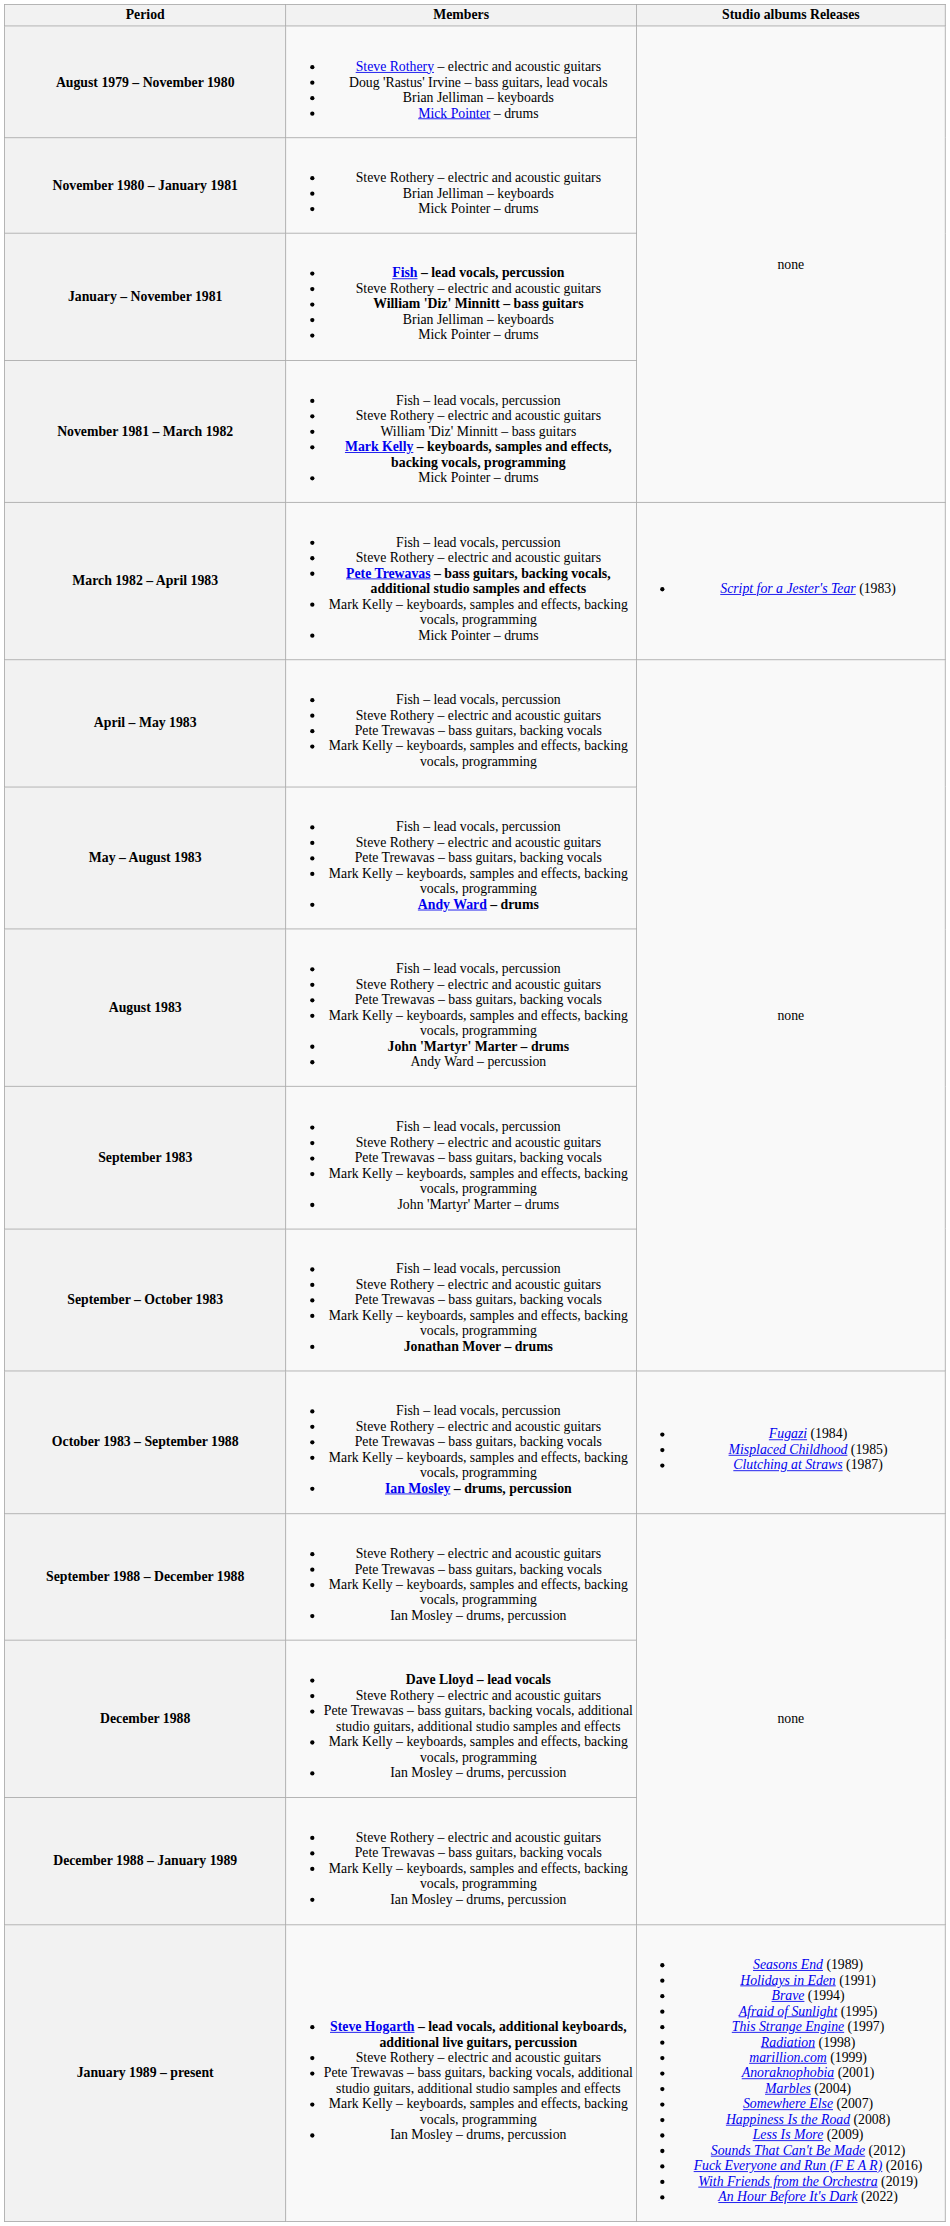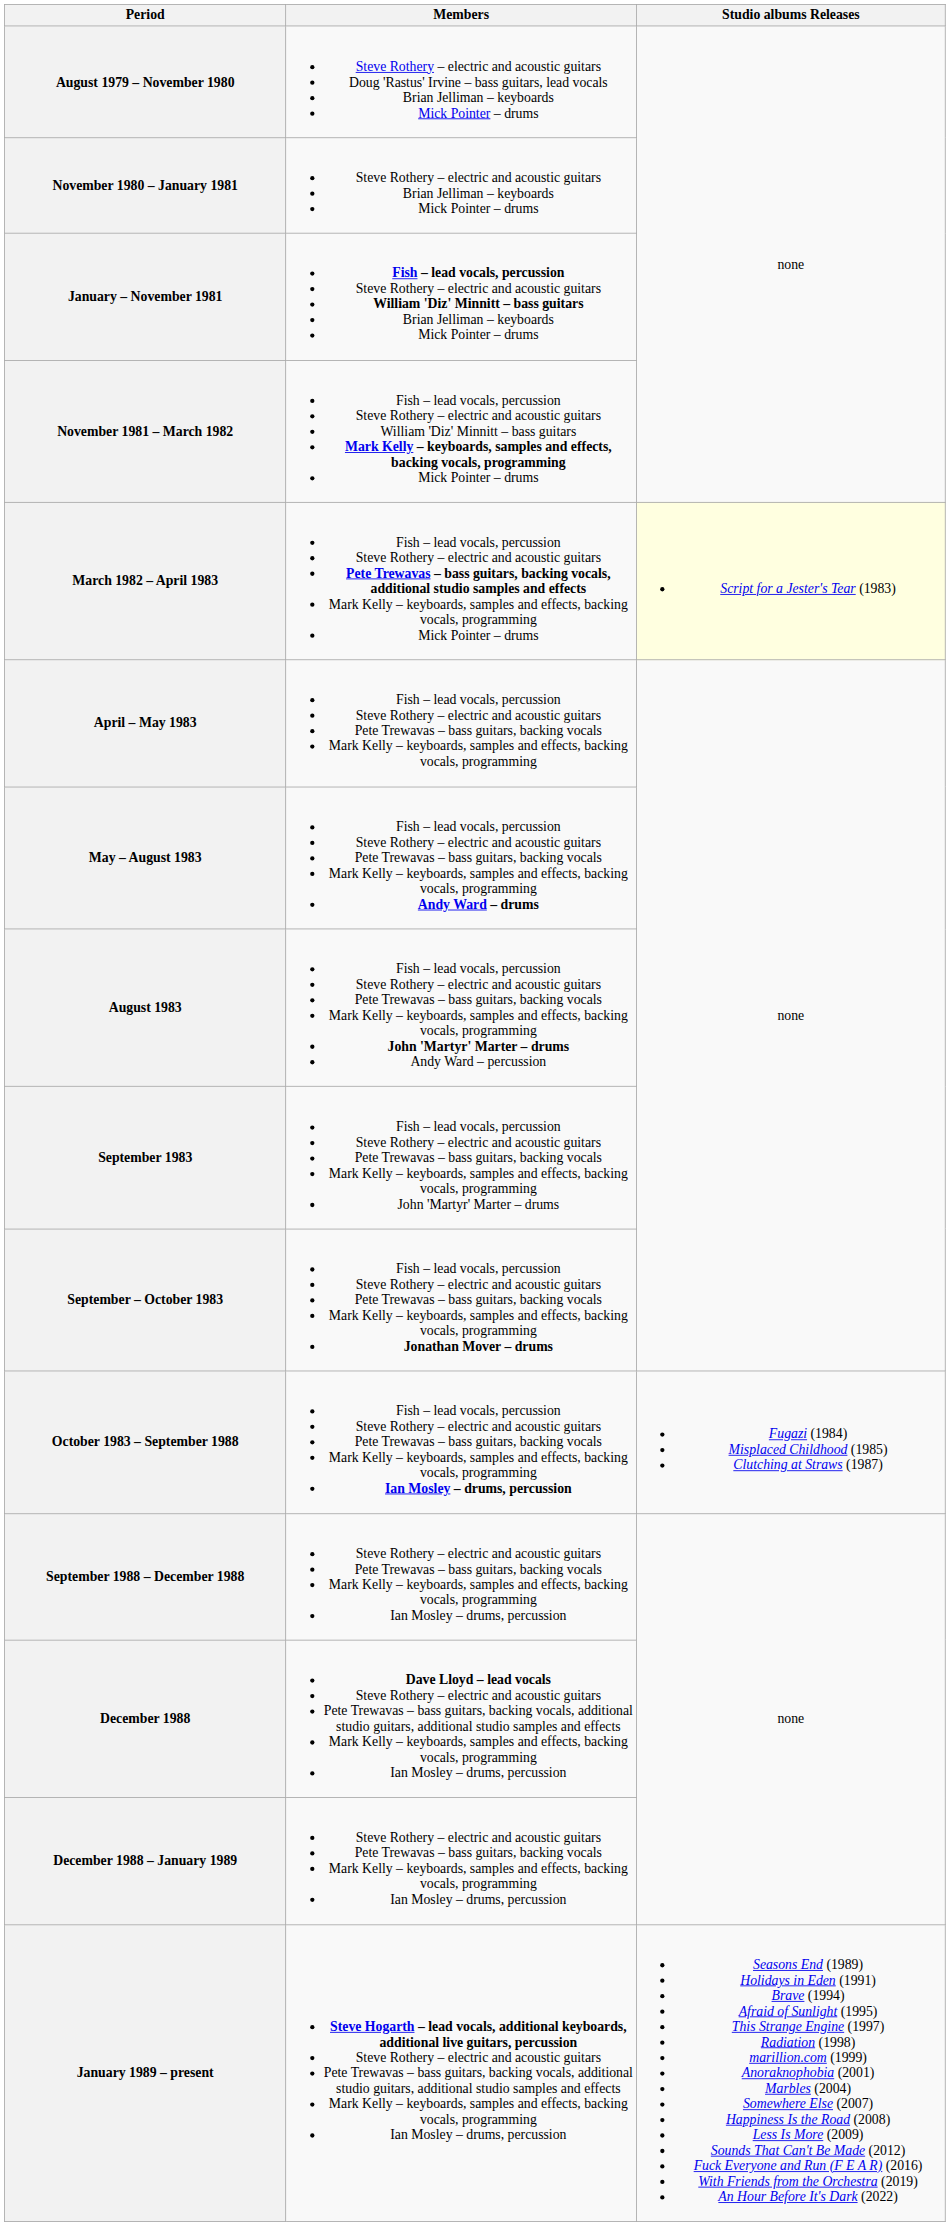 <table class="wikitable plainrowheaders" style="text-align:center;">
 <tr>
 <th scope="col" style="width:20em;">Period</th>
 <th scope="col" style="width:25em;">Members</th>
 <th scope="col" style="width:22em;">Studio albums Releases</th>
 </tr>
 <tr>
 <th>August 1979 – November 1980</th>
 <td><br><ul><li><a href='#'>Steve Rothery</a> – electric and acoustic guitars</li><li>Doug 'Rastus' Irvine – bass guitars, lead vocals</li><li>Brian Jelliman – keyboards</li><li><a href='#'>Mick Pointer</a> – drums</li></ul></td>
 <td rowspan="4">none</td>
 </tr>
 <tr>
 <th>November 1980 – January 1981</th>
 <td><br><ul><li>Steve Rothery – electric and acoustic guitars</li><li>Brian Jelliman – keyboards</li><li>Mick Pointer – drums</li></ul></td>
 </tr>
 <tr>
 <th>January – November 1981</th>
 <td><br><ul><li><strong><a href='#'>Fish</a> – lead vocals, percussion</strong></li><li>Steve Rothery – electric and acoustic guitars</li><li><strong>William 'Diz' Minnitt – bass guitars</strong></li><li>Brian Jelliman – keyboards</li><li>Mick Pointer – drums</li></ul></td>
 </tr>
 <tr>
 <th>November 1981 – March 1982</th>
 <td><br><ul><li>Fish – lead vocals, percussion</li><li>Steve Rothery – electric and acoustic guitars</li><li>William 'Diz' Minnitt – bass guitars</li><li><strong><a href='#'>Mark Kelly</a> – keyboards, samples and effects, backing vocals, programming</strong></li><li>Mick Pointer – drums</li></ul></td>
 </tr>
 <tr>
 <th>March 1982 – April 1983</th>
 <td><br><ul><li>Fish – lead vocals, percussion</li><li>Steve Rothery – electric and acoustic guitars</li><li><strong><a href='#'>Pete Trewavas</a> – bass guitars, backing vocals, additional studio samples and effects</strong></li><li>Mark Kelly – keyboards, samples and effects, backing vocals, programming</li><li>Mick Pointer – drums</li></ul></td>
-<td><br><ul><li><em><a href='#'>Script for a Jester's Tear</a></em> (1983)</li></ul></td>
+<td style="background: lightyellow;"><br><ul><li><em><a href='#'>Script for a Jester's Tear</a></em> (1983)</li></ul></td>
 </tr>
 <tr>
 <th>April – May 1983</th>
 <td><br><ul><li>Fish – lead vocals, percussion</li><li>Steve Rothery – electric and acoustic guitars</li><li>Pete Trewavas – bass guitars, backing vocals</li><li>Mark Kelly – keyboards, samples and effects, backing vocals, programming</li></ul></td>
 <td rowspan="5">none</td>
 </tr>
 <tr>
 <th>May – August 1983</th>
 <td><br><ul><li>Fish – lead vocals, percussion</li><li>Steve Rothery – electric and acoustic guitars</li><li>Pete Trewavas – bass guitars, backing vocals</li><li>Mark Kelly – keyboards, samples and effects, backing vocals, programming</li><li><strong><a href='#'>Andy Ward</a> – drums</strong></li></ul></td>
 </tr>
 <tr>
 <th>August 1983</th>
 <td><br><ul><li>Fish – lead vocals, percussion</li><li>Steve Rothery – electric and acoustic guitars</li><li>Pete Trewavas – bass guitars, backing vocals</li><li>Mark Kelly – keyboards, samples and effects, backing vocals, programming</li><li><strong>John 'Martyr' Marter – drums</strong></li><li>Andy Ward – percussion</li></ul></td>
 </tr>
 <tr>
 <th>September 1983</th>
 <td><br><ul><li>Fish – lead vocals, percussion</li><li>Steve Rothery – electric and acoustic guitars</li><li>Pete Trewavas – bass guitars, backing vocals</li><li>Mark Kelly – keyboards, samples and effects, backing vocals, programming</li><li>John 'Martyr' Marter – drums</li></ul></td>
 </tr>
 <tr>
 <th>September – October 1983</th>
 <td><br><ul><li>Fish – lead vocals, percussion</li><li>Steve Rothery – electric and acoustic guitars</li><li>Pete Trewavas – bass guitars, backing vocals</li><li>Mark Kelly – keyboards, samples and effects, backing vocals, programming</li><li><strong>Jonathan Mover – drums</strong></li></ul></td>
 </tr>
 <tr>
 <th>October 1983 – September 1988</th>
 <td><br><ul><li>Fish – lead vocals, percussion</li><li>Steve Rothery – electric and acoustic guitars</li><li>Pete Trewavas – bass guitars, backing vocals</li><li>Mark Kelly – keyboards, samples and effects, backing vocals, programming</li><li><strong><a href='#'>Ian Mosley</a> – drums, percussion</strong></li></ul></td>
 <td><br><ul><li><em><a href='#'>Fugazi</a></em> (1984)</li><li><em><a href='#'>Misplaced Childhood</a></em> (1985)</li><li><em><a href='#'>Clutching at Straws</a></em> (1987)</li></ul></td>
 </tr>
 <tr>
 <th>September 1988 – December 1988</th>
 <td><br><ul><li>Steve Rothery – electric and acoustic guitars</li><li>Pete Trewavas – bass guitars, backing vocals</li><li>Mark Kelly – keyboards, samples and effects, backing vocals, programming</li><li>Ian Mosley – drums, percussion</li></ul></td>
 <td rowspan="3">none</td>
 </tr>
 <tr>
 <th>December 1988</th>
 <td><br><ul><li><strong>Dave Lloyd – lead vocals</strong></li><li>Steve Rothery – electric and acoustic guitars</li><li>Pete Trewavas – bass guitars, backing vocals, additional studio guitars, additional studio samples and effects</li><li>Mark Kelly – keyboards, samples and effects, backing vocals, programming</li><li>Ian Mosley – drums, percussion</li></ul></td>
 </tr>
 <tr>
 <th>December 1988 – January 1989</th>
 <td><br><ul><li>Steve Rothery – electric and acoustic guitars</li><li>Pete Trewavas – bass guitars, backing vocals</li><li>Mark Kelly – keyboards, samples and effects, backing vocals, programming</li><li>Ian Mosley – drums, percussion</li></ul></td>
 </tr>
 <tr>
 <th>January 1989 – present</th>
 <td><br><ul><li><strong><a href='#'>Steve Hogarth</a> – lead vocals, additional keyboards, additional live guitars, percussion</strong></li><li>Steve Rothery – electric and acoustic guitars</li><li>Pete Trewavas – bass guitars, backing vocals, additional studio guitars, additional studio samples and effects</li><li>Mark Kelly – keyboards, samples and effects, backing vocals, programming</li><li>Ian Mosley – drums, percussion</li></ul></td>
 <td><br><ul><li><em><a href='#'>Seasons End</a></em> (1989)</li><li><em><a href='#'>Holidays in Eden</a></em> (1991)</li><li><em><a href='#'>Brave</a></em> (1994)</li><li><em><a href='#'>Afraid of Sunlight</a></em> (1995)</li><li><em><a href='#'>This Strange Engine</a></em> (1997)</li><li><em><a href='#'>Radiation</a></em> (1998)</li><li><em><a href='#'>marillion.com</a></em> (1999)</li><li><em><a href='#'>Anoraknophobia</a></em> (2001)</li><li><em><a href='#'>Marbles</a></em> (2004)</li><li><em><a href='#'>Somewhere Else</a></em> (2007)</li><li><em><a href='#'>Happiness Is the Road</a></em> (2008)</li><li><em><a href='#'>Less Is More</a></em> (2009)</li><li><em><a href='#'>Sounds That Can't Be Made</a></em> (2012)</li><li><em><a href='#'>Fuck Everyone and Run (F E A R)</a></em> (2016)</li><li><em><a href='#'>With Friends from the Orchestra</a></em> (2019)</li><li><em><a href='#'>An Hour Before It's Dark</a></em> (2022)</li></ul></td>
 </tr>
 </table>
